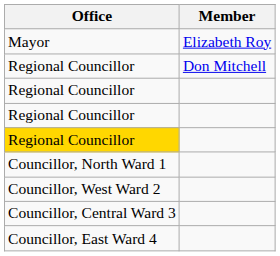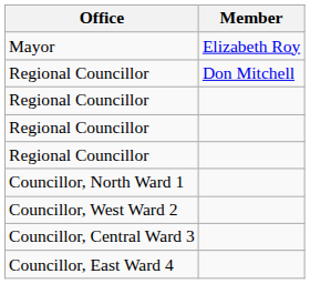 <table class="wikitable">
 <tr>
 <th>Office</th>
 <th>Member</th>
 </tr>
 <tr>
 <td>Mayor</td>
 <td><a href='#'>Elizabeth Roy</a></td>
 </tr>
 <tr>
 <td>Regional Councillor</td>
 <td><a href='#'>Don Mitchell</a></td>
 </tr>
 <tr>
 <td>Regional Councillor</td>
 <td></td>
 </tr>
 <tr>
 <td>Regional Councillor</td>
 <td></td>
 </tr>
 <tr>
-<td style="background: gold;">Regional Councillor</td>
+<td>Regional Councillor</td>
 <td></td>
 </tr>
 <tr>
 <td>Councillor, North Ward 1</td>
 <td></td>
 </tr>
 <tr>
 <td>Councillor, West Ward 2</td>
 <td></td>
 </tr>
 <tr>
 <td>Councillor, Central Ward 3</td>
 <td></td>
 </tr>
 <tr>
 <td>Councillor, East Ward 4</td>
 <td></td>
 </tr>
 </table>
